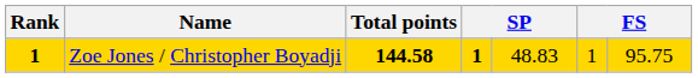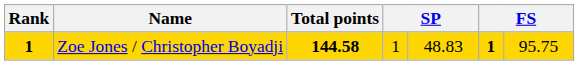 <table class="wikitable sortable">
 <tr>
 <th>Rank</th>
 <th>Name</th>
 <th>Total points</th>
 <th colspan="2" width="80px"><a href='#'>SP</a></th>
 <th colspan="2" width="80px"><a href='#'>FS</a></th>
 </tr>
 <tr bgcolor="gold">
 <td align="center"><strong>1</strong></td>
 <td><a href='#'>Zoe Jones</a> / <a href='#'>Christopher Boyadji</a></td>
 <td align="center"><strong>144.58</strong></td>
+<td align="center">1</td>
+<td align="center">48.83</td>
 <td align="center"><strong>1</strong></td>
-<td align="center">48.83</td>
-<td align="center">1</td>
 <td align="center">95.75</td>
 </tr>
 </table>
